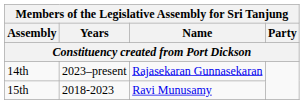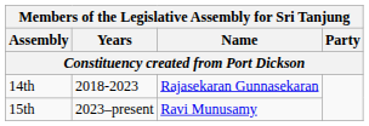 <table class="wikitable">
 <tr>
 <th colspan="4">Members of the Legislative Assembly for Sri Tanjung</th>
 </tr>
 <tr>
 <th>Assembly</th>
 <th>Years</th>
 <th>Name</th>
 <th>Party</th>
 </tr>
 <tr>
 <th colspan="4" align="center"><em>Constituency created from Port Dickson</em></th>
 </tr>
 <tr>
 <td>14th</td>
-<td>2023–present</td>
+<td>2018-2023</td>
 <td><a href='#'>Rajasekaran Gunnasekaran</a></td>
 <td rowspan=2></td>
 </tr>
 <tr>
 <td>15th</td>
-<td>2018-2023</td>
+<td>2023–present</td>
 <td><a href='#'>Ravi Munusamy</a></td>
 </tr>
 </table>
